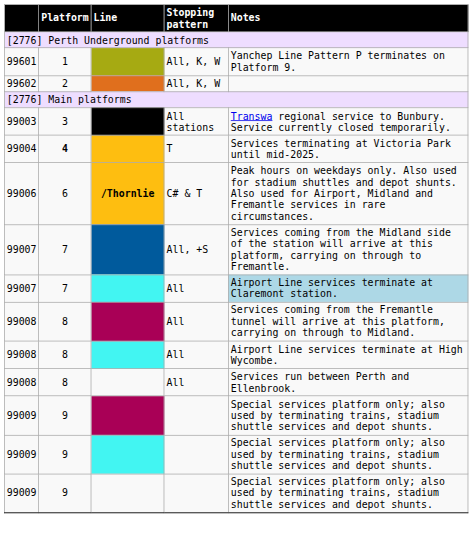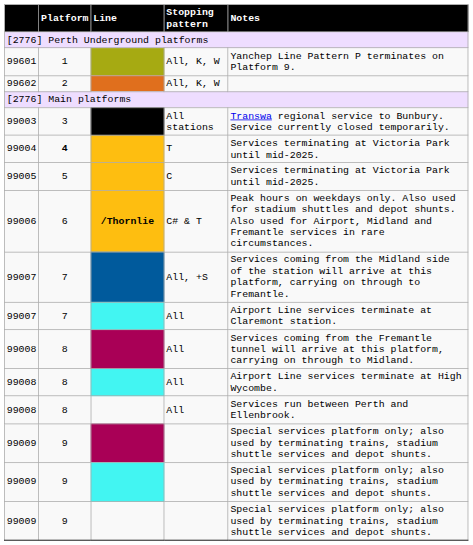 <table class="wikitable" style="float: none; margin-center: 1em; margin-bottom: 0.5em; border: black solid 1px; text-align:center;">
 <tr style="color:white;">
 <th style="background:#000000; text-align:left;"></th>
 <th style="background:#000000; text-align:left;">Platform</th>
 <th style="background:#000000; text-align:left; width:90px;">Line</th>
 <th style="background:#000000; text-align:left;">Stopping pattern</th>
 <th style="background:#000000; text-align:left;">Notes</th>
 </tr>
 <tr>
 <td colspan="5" style="background:#EDF; text-align:left;">[2776] Perth Underground platforms</td>
 </tr>
 <tr>
 <td>99601</td>
 <td>1</td>
 <td style="color:white; background:#A6AA12;"><strong><a href='#'></a></strong></td>
 <td style="text-align:left;">All, K, W</td>
 <td style="text-align:left;">Yanchep Line Pattern P terminates on Platform 9.</td>
 </tr>
 <tr>
 <td>99602</td>
 <td>2</td>
 <td style="color:white; background:#E06F1D;"><strong><a href='#'></a></strong></td>
 <td style="text-align:left;">All, K, W</td>
 <td style="text-align:left;"></td>
 </tr>
 <tr>
 <td colspan="5" style="background:#EDF; text-align:left;">[2776] Main platforms</td>
 </tr>
 <tr>
 <td>99003</td>
 <td>3</td>
 <td style="color:#E0730E; background:#000000;"><strong><a href='#'></a></strong></td>
 <td style="text-align:left;">All stations</td>
 <td style="text-align:left;"><a href='#'>Transwa</a> regional service to Bunbury.<br>Service currently closed temporarily.</td>
 </tr>
 <tr>
 <td>99004</td>
 <td><strong>4</strong></td>
 <td style="color:black; background:#FEBE10;"><strong><a href='#'></a></strong></td>
 <td style="text-align:left;">T</td>
 <td style="text-align:left;">Services terminating at Victoria Park until mid-2025.</td>
 </tr>
 <tr>
+<td>99005</td>
+<td>5</td>
+<td style="color:black; background:#FEBE10;"><strong><a href='#'></a></strong></td>
+<td style="text-align:left;">C</td>
+<td style="text-align:left;">Services terminating at Victoria Park until mid-2025.</td>
+</tr>
+<tr>
 <td>99006</td>
 <td>6</td>
 <td style="color:black; background:#FEBE10;"><strong><a href='#'></a>/Thornlie</strong></td>
 <td style="text-align:left;">C# & T</td>
 <td style="text-align:left;">Peak hours on weekdays only. Also used for stadium shuttles and depot shunts.<br>Also used for Airport, Midland and Fremantle services in rare circumstances.</td>
 </tr>
 <tr>
 <td>99007</td>
 <td>7</td>
 <td style="color:white; background:#005A9C;"><strong><a href='#'></a></strong></td>
 <td style="text-align:left;">All, +S</td>
 <td style="text-align:left;">Services coming from the Midland side of the station will arrive at this platform, carrying on through to Fremantle.</td>
 </tr>
 <tr>
 <td>99007</td>
 <td>7</td>
 <td style="color:white; background:#42f5f2;"><strong><a href='#'></a></strong></td>
 <td style="text-align:left;">All</td>
-<td style="background: lightblue; text-align:left;">Airport Line services terminate at Claremont station.</td>
+<td style="text-align:left;">Airport Line services terminate at Claremont station.</td>
 </tr>
 <tr>
 <td>99008</td>
 <td>8</td>
 <td style="color:white; background:#A90056;"><strong><a href='#'></a></strong></td>
 <td style="text-align:left;">All</td>
 <td style="text-align:left;">Services coming from the Fremantle tunnel will arrive at this platform, carrying on through to Midland.</td>
 </tr>
 <tr>
 <td>99008</td>
 <td>8</td>
 <td style="color:white; background:#42f5f2;"><strong><a href='#'></a></strong></td>
 <td style="text-align:left;">All</td>
 <td style="text-align:left;">Airport Line services terminate at High Wycombe.</td>
 </tr>
 <tr>
 <td>99008</td>
 <td>8</td>
 <td style="color:white; background:#"><strong><a href='#'></a></strong></td>
 <td style="text-align:left;">All</td>
 <td style="text-align:left;">Services run between Perth and Ellenbrook.</td>
 </tr>
 <tr>
 <td>99009</td>
 <td>9</td>
 <td style="color:white; background:#A90056;"><strong><a href='#'></a></strong></td>
 <td></td>
 <td style="text-align:left;">Special services platform only; also used by terminating trains, stadium shuttle services and depot shunts.</td>
 </tr>
 <tr>
 <td>99009</td>
 <td>9</td>
 <td style="color:white; background:#42f5f2;"><strong><a href='#'></a></strong></td>
 <td></td>
 <td style="text-align:left;">Special services platform only; also used by terminating trains, stadium shuttle services and depot shunts.</td>
 </tr>
 <tr>
 <td>99009</td>
 <td>9</td>
 <td style="color:white; background:#"><strong><a href='#'></a></strong></td>
 <td style="text-align:left;"></td>
 <td style="text-align:left;">Special services platform only; also used by terminating trains, stadium shuttle services and depot shunts.</td>
 </tr>
 <tr>
 </tr>
 </table>
